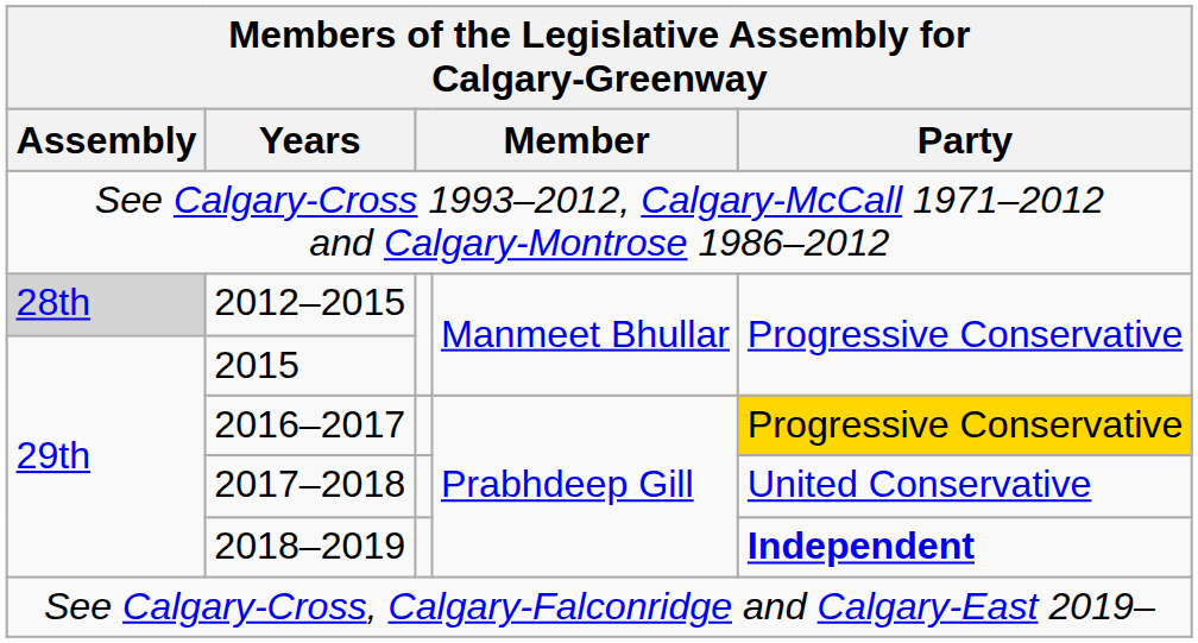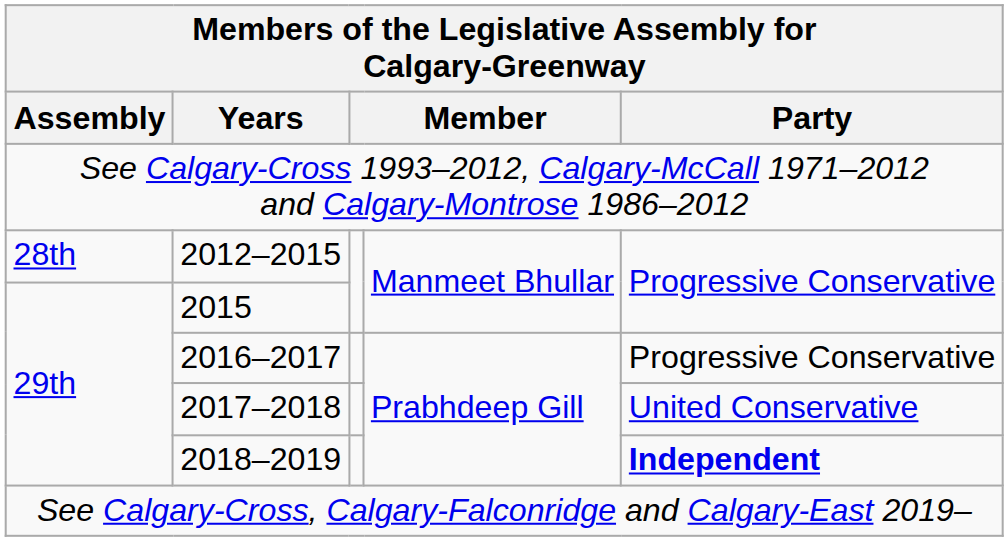 <table class="wikitable" align=right>
 <tr>
 <th colspan=5>Members of the Legislative Assembly for<br>Calgary-Greenway</th>
 </tr>
 <tr>
 <th>Assembly</th>
 <th>Years</th>
 <th colspan="2">Member</th>
 <th>Party</th>
 </tr>
 <tr>
 <td align="center" colspan=5><em>See <a href='#'>Calgary-Cross</a> 1993–2012, <a href='#'>Calgary-McCall</a> 1971–2012<br>and <a href='#'>Calgary-Montrose</a> 1986–2012</em></td>
 </tr>
 <tr>
-<td style="background: lightgrey;"><a href='#'>28th</a></td>
+<td><a href='#'>28th</a></td>
 <td>2012–2015</td>
 <td rowspan=2 ></td>
 <td rowspan=2><a href='#'>Manmeet Bhullar</a></td>
 <td rowspan=2><a href='#'>Progressive Conservative</a></td>
 </tr>
 <tr>
 <td rowspan=4><a href='#'>29th</a></td>
 <td>2015</td>
 </tr>
 <tr>
 <td>2016–2017</td>
 <td></td>
 <td rowspan=3><a href='#'>Prabhdeep Gill</a></td>
-<td style="background: gold;">Progressive Conservative</td>
+<td>Progressive Conservative</td>
 </tr>
 <tr>
 <td>2017–2018</td>
 <td></td>
 <td><a href='#'>United Conservative</a></td>
 </tr>
 <tr>
 <td>2018–2019</td>
 <td></td>
 <td><strong><a href='#'>Independent</a></strong></td>
 </tr>
 <tr>
 <td align="center" colspan=5><em>See <a href='#'>Calgary-Cross</a>, <a href='#'>Calgary-Falconridge</a> and <a href='#'>Calgary-East</a> 2019–</em></td>
 </tr>
 </table>
